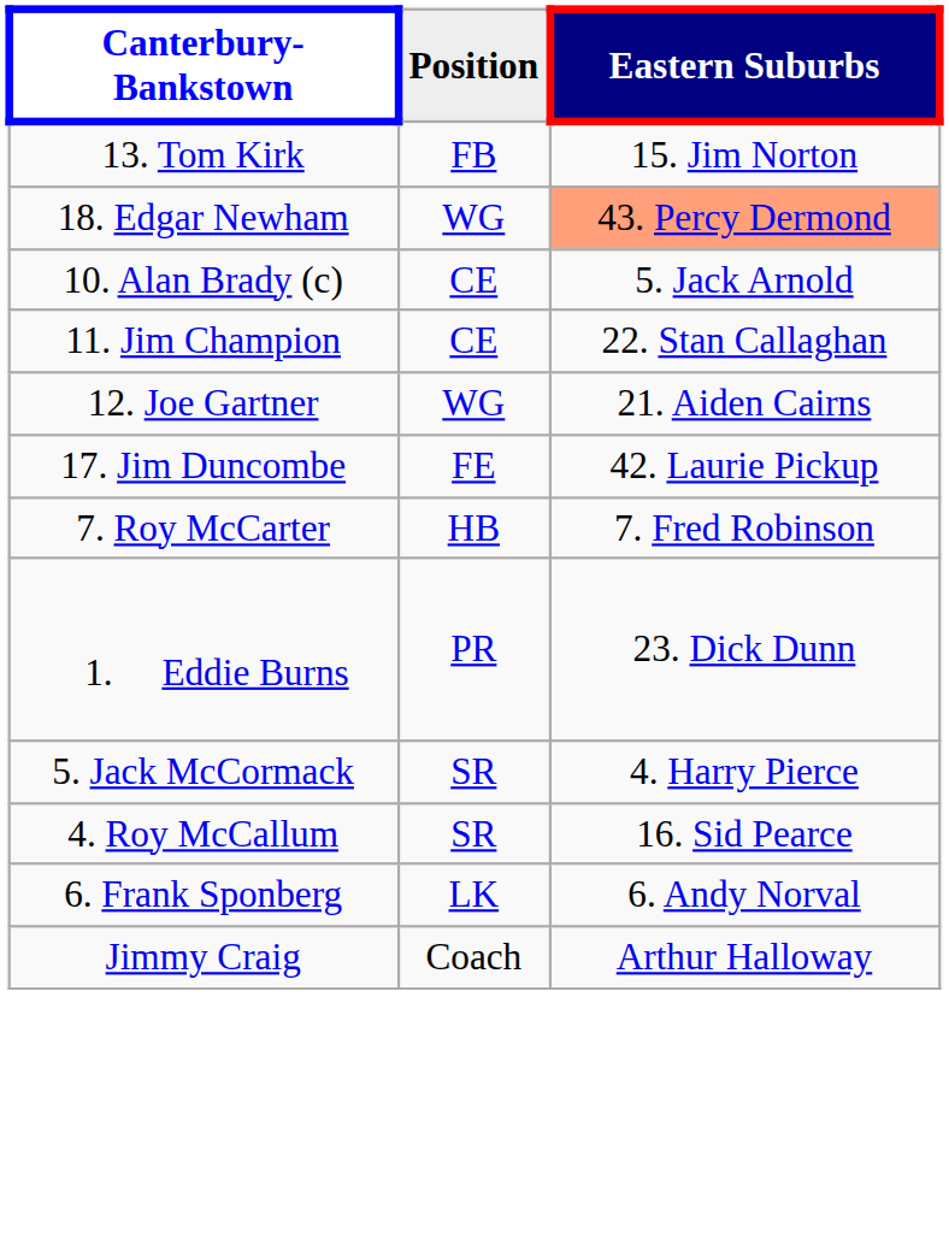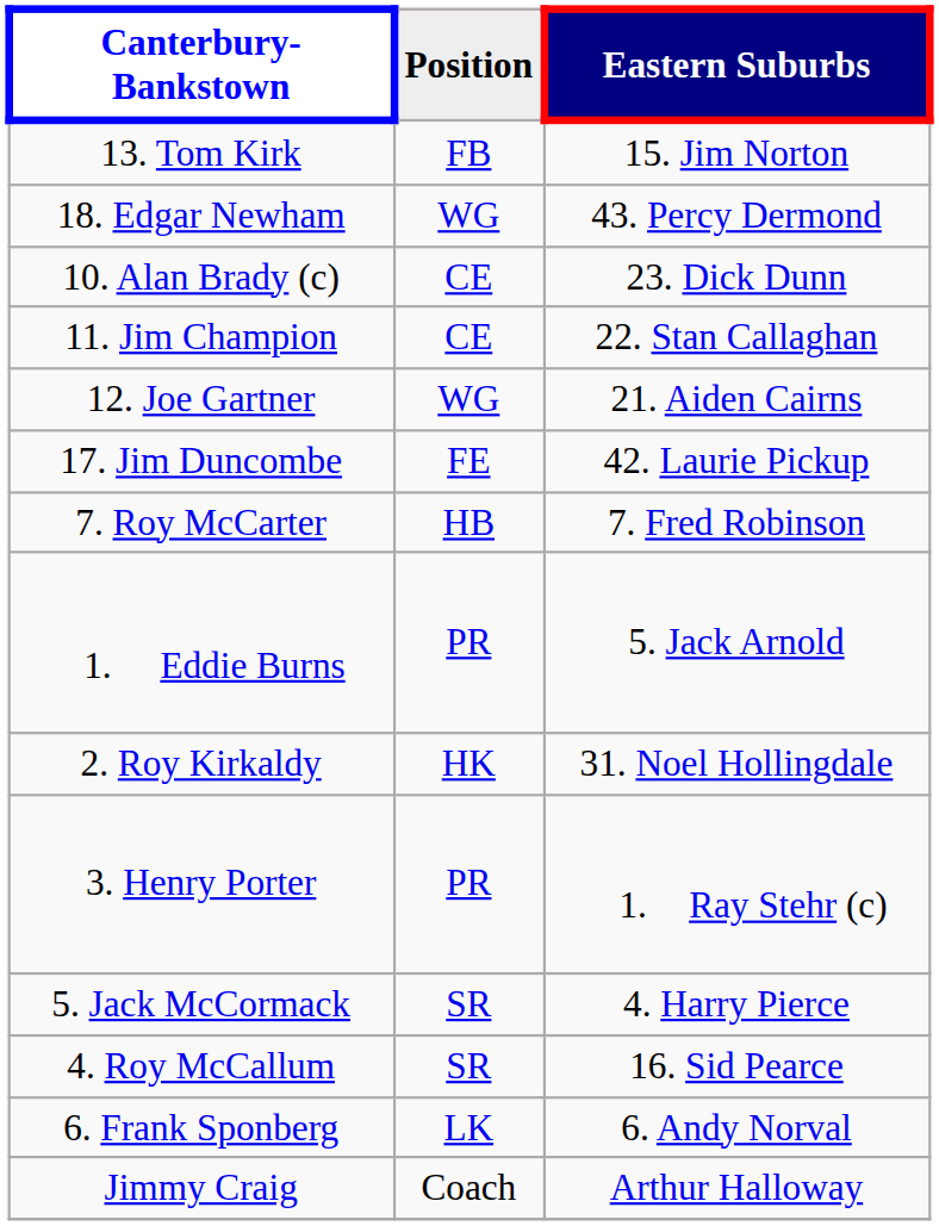 <table align="right" class="wikitable" style="font-size:90%; margin-left:1em">
 <tr bgcolor="#FF0033">
 <th style="width:140px; border:3px solid blue; background: white; color: blue">Canterbury-Bankstown</th>
 <th style="width:40px; text-align:center; background:#eee; color:black;">Position</th>
 <th style="width:140px; border:3px solid red; background: navy; color: white">Eastern Suburbs</th>
 </tr>
 <tr align=center>
 <td>13. <a href='#'>Tom Kirk</a></td>
 <td><a href='#'>FB</a></td>
 <td>15. <a href='#'>Jim Norton</a></td>
 </tr>
 <tr align=center>
 <td>18. <a href='#'>Edgar Newham</a></td>
 <td><a href='#'>WG</a></td>
-<td style="background: lightsalmon;">43. <a href='#'>Percy Dermond</a></td>
+<td>43. <a href='#'>Percy Dermond</a></td>
 </tr>
 <tr align=center>
 <td>10. <a href='#'>Alan Brady</a> (c)</td>
 <td><a href='#'>CE</a></td>
-<td>5. <a href='#'>Jack Arnold</a></td>
+<td>23. <a href='#'>Dick Dunn</a></td>
 </tr>
 <tr align=center>
 <td>11. <a href='#'>Jim Champion</a></td>
 <td><a href='#'>CE</a></td>
 <td>22. <a href='#'>Stan Callaghan</a></td>
 </tr>
 <tr align=center>
 <td>12. <a href='#'>Joe Gartner</a></td>
 <td><a href='#'>WG</a></td>
 <td>21. <a href='#'>Aiden Cairns</a></td>
 </tr>
 <tr align=center>
 <td>17. <a href='#'>Jim Duncombe</a></td>
 <td><a href='#'>FE</a></td>
 <td>42. <a href='#'>Laurie Pickup</a></td>
 </tr>
 <tr align=center>
 <td>7. <a href='#'>Roy McCarter</a></td>
 <td><a href='#'>HB</a></td>
 <td>7. <a href='#'>Fred Robinson</a></td>
 </tr>
 <tr align=center>
 <td><br><ol><li><a href='#'>Eddie Burns</a></li></ol></td>
 <td><a href='#'>PR</a></td>
-<td>23. <a href='#'>Dick Dunn</a></td>
+<td>5. <a href='#'>Jack Arnold</a></td>
+</tr>
+<tr align=center>
+<td>2. <a href='#'>Roy Kirkaldy</a></td>
+<td><a href='#'>HK</a></td>
+<td>31. <a href='#'>Noel Hollingdale</a></td>
+</tr>
+<tr align=center>
+<td>3. <a href='#'>Henry Porter</a></td>
+<td><a href='#'>PR</a></td>
+<td><br><ol><li><a href='#'>Ray Stehr</a> (c)</li></ol></td>
 </tr>
 <tr align=center>
 <td>5. <a href='#'>Jack McCormack</a></td>
 <td><a href='#'>SR</a></td>
 <td>4. <a href='#'>Harry Pierce</a></td>
 </tr>
 <tr align=center>
 <td>4. <a href='#'>Roy McCallum</a></td>
 <td><a href='#'>SR</a></td>
 <td>16. <a href='#'>Sid Pearce</a></td>
 </tr>
 <tr align=center>
 <td>6. <a href='#'>Frank Sponberg</a></td>
 <td><a href='#'>LK</a></td>
 <td>6. <a href='#'>Andy Norval</a></td>
 </tr>
 <tr align=center>
 <td><a href='#'>Jimmy Craig</a></td>
 <td>Coach</td>
 <td><a href='#'>Arthur Halloway</a></td>
 </tr>
 <tr>
 </tr>
 </table>
